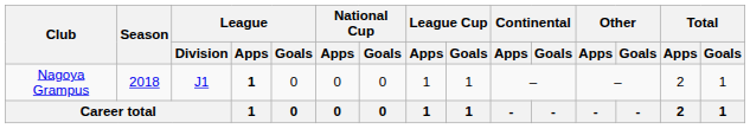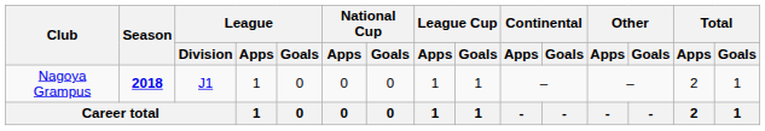 <table class="wikitable" style="text-align: center;">
 <tr>
 <th rowspan="2">Club</th>
 <th rowspan="2">Season</th>
 <th colspan="3">League</th>
 <th colspan="2">National Cup</th>
 <th colspan="2">League Cup</th>
 <th colspan="2">Continental</th>
 <th colspan="2">Other</th>
 <th colspan="2">Total</th>
 </tr>
 <tr>
 <th>Division</th>
 <th>Apps</th>
 <th>Goals</th>
 <th>Apps</th>
 <th>Goals</th>
 <th>Apps</th>
 <th>Goals</th>
 <th>Apps</th>
 <th>Goals</th>
 <th>Apps</th>
 <th>Goals</th>
 <th>Apps</th>
 <th>Goals</th>
 </tr>
 <tr>
 <td valign="center"><a href='#'>Nagoya Grampus</a></td>
-<td><a href='#'>2018</a></td>
+<td><strong><a href='#'>2018</a></strong></td>
 <td><a href='#'>J1</a></td>
-<td><strong>1</strong></td>
+<td>1</td>
 <td>0</td>
 <td>0</td>
 <td>0</td>
 <td>1</td>
 <td>1</td>
 <td colspan="2">–</td>
 <td colspan="2">–</td>
 <td>2</td>
 <td>1</td>
 </tr>
 <tr>
 <th colspan="3">Career total</th>
 <th>1</th>
 <th>0</th>
 <th>0</th>
 <th>0</th>
 <th>1</th>
 <th>1</th>
 <th>-</th>
 <th>-</th>
 <th>-</th>
 <th>-</th>
 <th>2</th>
 <th>1</th>
 </tr>
 </table>
